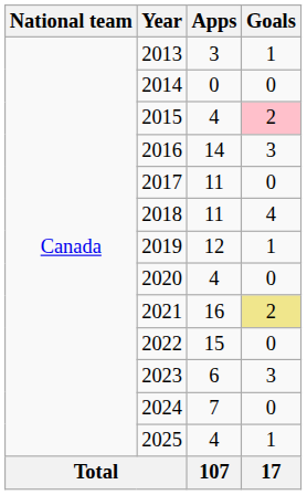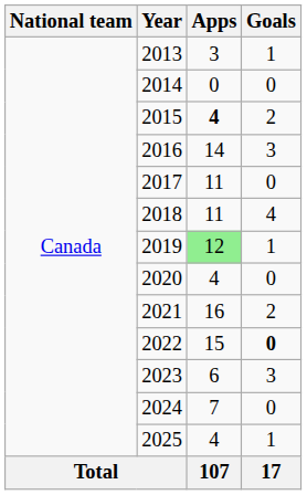 <table class="wikitable" style="text-align:center">
 <tr>
 <th>National team</th>
 <th>Year</th>
 <th>Apps</th>
 <th>Goals</th>
 </tr>
 <tr>
 <td rowspan="13"><a href='#'>Canada</a></td>
 <td>2013</td>
 <td>3</td>
 <td>1</td>
 </tr>
 <tr>
 <td>2014</td>
 <td>0</td>
 <td>0</td>
 </tr>
 <tr>
 <td>2015</td>
-<td>4</td>
-<td style="background: pink;">2</td>
+<td><strong>4</strong></td>
+<td>2</td>
 </tr>
 <tr>
 <td>2016</td>
 <td>14</td>
 <td>3</td>
 </tr>
 <tr>
 <td>2017</td>
 <td>11</td>
 <td>0</td>
 </tr>
 <tr>
 <td>2018</td>
 <td>11</td>
 <td>4</td>
 </tr>
 <tr>
 <td>2019</td>
-<td>12</td>
+<td style="background: lightgreen;">12</td>
 <td>1</td>
 </tr>
 <tr>
 <td>2020</td>
 <td>4</td>
 <td>0</td>
 </tr>
 <tr>
 <td>2021</td>
 <td>16</td>
-<td style="background: khaki;">2</td>
+<td>2</td>
 </tr>
 <tr>
 <td>2022</td>
 <td>15</td>
-<td>0</td>
+<td><strong>0</strong></td>
 </tr>
 <tr>
 <td>2023</td>
 <td>6</td>
 <td>3</td>
 </tr>
 <tr>
 <td>2024</td>
 <td>7</td>
 <td>0</td>
 </tr>
 <tr>
 <td>2025</td>
 <td>4</td>
 <td>1</td>
 </tr>
 <tr>
 <th colspan="2">Total</th>
 <th>107</th>
 <th>17</th>
 </tr>
 </table>
